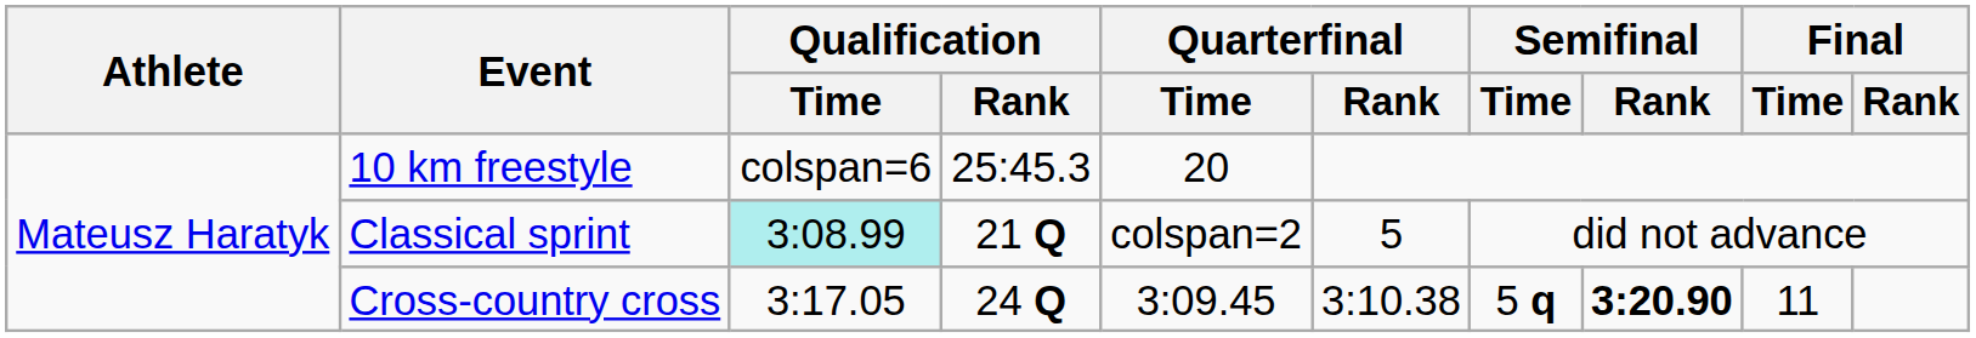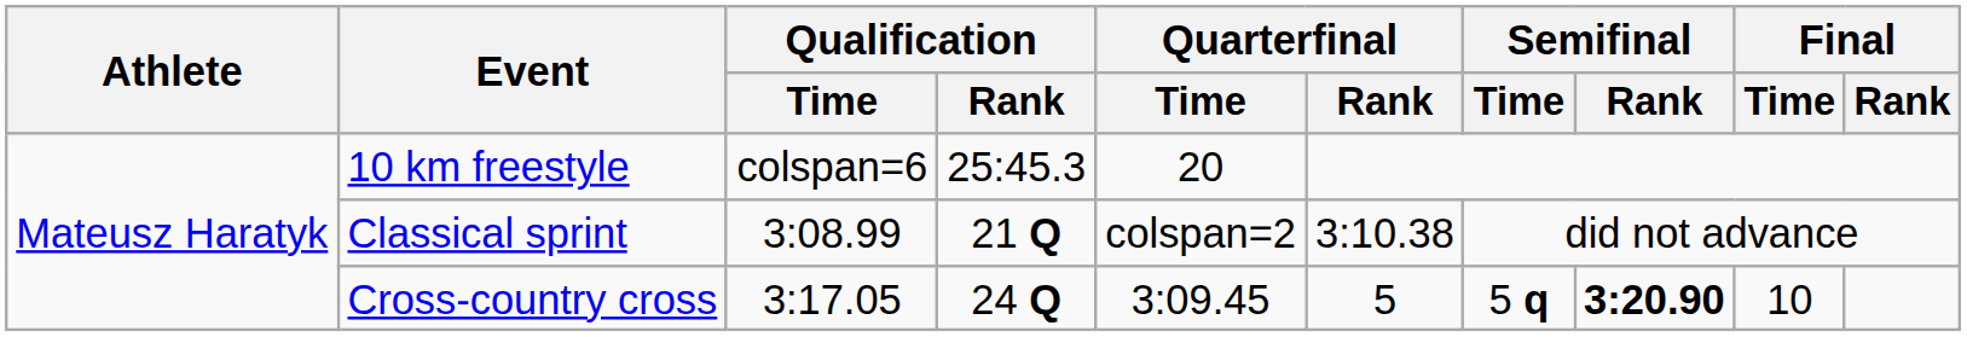 <table class="wikitable" style="font-size:90%">
 <tr>
 <th rowspan="2">Athlete</th>
 <th rowspan="2">Event</th>
 <th colspan="2">Qualification</th>
 <th colspan="2">Quarterfinal</th>
 <th colspan="2">Semifinal</th>
 <th colspan="2">Final</th>
 </tr>
 <tr style="font-size:95%">
 <th>Time</th>
 <th>Rank</th>
 <th>Time</th>
 <th>Rank</th>
 <th>Time</th>
 <th>Rank</th>
 <th>Time</th>
 <th>Rank</th>
 </tr>
 <tr align=center>
 <td align=left rowspan=3><a href='#'>Mateusz Haratyk</a></td>
 <td align=left><a href='#'>10 km freestyle</a></td>
 <td>colspan=6 </td>
 <td>25:45.3</td>
 <td>20</td>
 </tr>
 <tr align=center>
 <td align=left><a href='#'>Classical sprint</a></td>
-<td style="background: paleturquoise;">3:08.99</td>
+<td>3:08.99</td>
 <td>21 <strong>Q</strong></td>
 <td>colspan=2 </td>
-<td>5</td>
+<td>3:10.38</td>
 <td colspan=4>did not advance</td>
 </tr>
 <tr align=center>
 <td align=left><a href='#'>Cross-country cross</a></td>
 <td>3:17.05</td>
 <td>24 <strong>Q</strong></td>
 <td>3:09.45</td>
-<td>3:10.38</td>
+<td>5</td>
 <td>5 <strong>q</strong></td>
 <td><strong>3:20.90</strong></td>
-<td>11</td>
+<td>10</td>
 </tr>
 </table>
